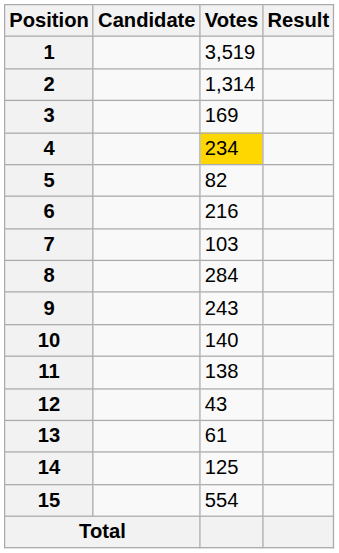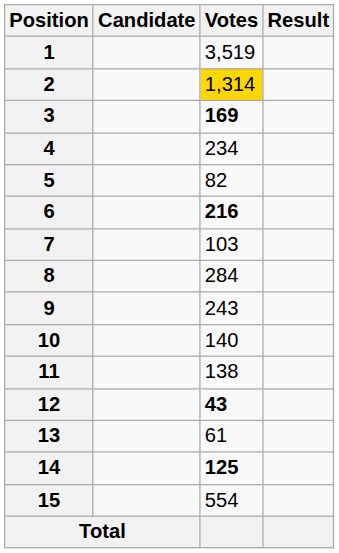 <table class="wikitable sortable col3right">
 <tr>
 <th scope="col">Position</th>
 <th scope="col">Candidate</th>
 <th scope="col">Votes</th>
 <th scope="col">Result</th>
 </tr>
 <tr>
 <th scope="row">1</th>
 <td></td>
 <td>3,519</td>
 <td></td>
 </tr>
 <tr>
 <th scope="row">2</th>
 <td></td>
-<td>1,314</td>
+<td style="background: gold;">1,314</td>
 <td></td>
 </tr>
 <tr>
 <th scope="row">3</th>
 <td></td>
-<td>169</td>
+<td><strong>169</strong></td>
 <td></td>
 </tr>
 <tr>
 <th scope="row">4</th>
 <td></td>
-<td style="background: gold;">234</td>
+<td>234</td>
 <td></td>
 </tr>
 <tr>
 <th scope="row">5</th>
 <td></td>
 <td>82</td>
 <td></td>
 </tr>
 <tr>
 <th scope="row">6</th>
 <td></td>
-<td>216</td>
+<td><strong>216</strong></td>
 <td></td>
 </tr>
 <tr>
 <th scope="row">7</th>
 <td></td>
 <td>103</td>
 <td></td>
 </tr>
 <tr>
 <th scope="row">8</th>
 <td></td>
 <td>284</td>
 <td></td>
 </tr>
 <tr>
 <th scope="row">9</th>
 <td></td>
 <td>243</td>
 <td></td>
 </tr>
 <tr>
 <th scope="row">10</th>
 <td></td>
 <td>140</td>
 <td></td>
 </tr>
 <tr>
 <th scope="row">11</th>
 <td></td>
 <td>138</td>
 <td></td>
 </tr>
 <tr>
 <th scope="row">12</th>
 <td></td>
-<td>43</td>
+<td><strong>43</strong></td>
 <td></td>
 </tr>
 <tr>
 <th scope="row">13</th>
 <td></td>
 <td>61</td>
 <td></td>
 </tr>
 <tr>
 <th scope="row">14</th>
 <td></td>
-<td>125</td>
+<td><strong>125</strong></td>
 <td></td>
 </tr>
 <tr>
 <th scope="row">15</th>
 <td></td>
 <td>554</td>
 <td></td>
 </tr>
 <tr class="sortbottom">
 <th scope="row" colspan="2">Total</th>
 <th></th>
 <th></th>
 </tr>
 </table>
